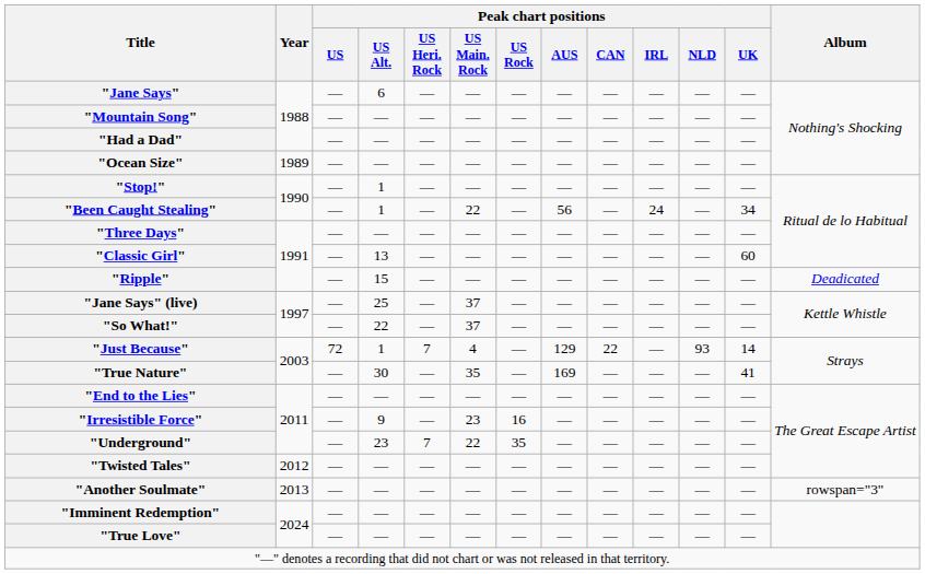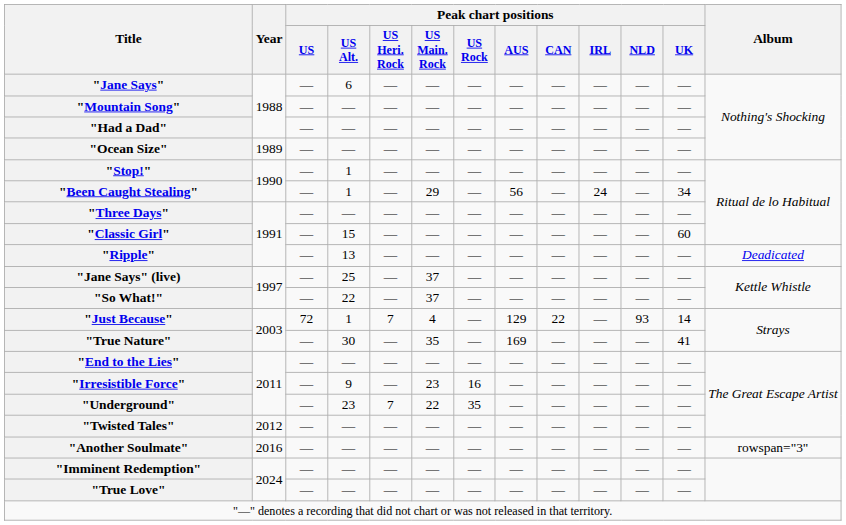 <table class="wikitable plainrowheaders" style="text-align:center;">
 <tr>
 <th scope="col" rowspan="2" style="width:18em;">Title</th>
 <th scope="col" rowspan="2">Year</th>
 <th scope="col" colspan="10">Peak chart positions</th>
 <th scope="col" rowspan="2">Album</th>
 </tr>
 <tr>
 <th scope="col" style="width:3em;font-size:90%;"><a href='#'>US</a><br></th>
 <th scope="col" style="width:3em;font-size:90%;"><a href='#'>US<br>Alt.</a><br></th>
 <th scope="col" style="width:3em;font-size:90%;"><a href='#'>US<br>Heri. Rock</a><br></th>
 <th scope="col" style="width:3em;font-size:90%;"><a href='#'>US<br>Main. Rock</a><br></th>
 <th scope="col" style="width:3em;font-size:90%;"><a href='#'>US<br>Rock</a><br></th>
 <th scope="col" style="width:3em;font-size:90%;"><a href='#'>AUS</a><br></th>
 <th scope="col" style="width:3em;font-size:90%;"><a href='#'>CAN</a><br></th>
 <th scope="col" style="width:3em;font-size:90%;"><a href='#'>IRL</a><br></th>
 <th scope="col" style="width:3em;font-size:90%;"><a href='#'>NLD</a><br></th>
 <th scope="col" style="width:3em;font-size:90%;"><a href='#'>UK</a><br></th>
 </tr>
 <tr>
 <th scope="row">"<a href='#'>Jane Says</a>"</th>
 <td rowspan="3">1988</td>
 <td>—</td>
 <td>6</td>
 <td>—</td>
 <td>—</td>
 <td>—</td>
 <td>—</td>
 <td>—</td>
 <td>—</td>
 <td>—</td>
 <td>—</td>
 <td rowspan="4"><em>Nothing's Shocking</em></td>
 </tr>
 <tr>
 <th scope="row">"<a href='#'>Mountain Song</a>"</th>
 <td>—</td>
 <td>—</td>
 <td>—</td>
 <td>—</td>
 <td>—</td>
 <td>—</td>
 <td>—</td>
 <td>—</td>
 <td>—</td>
 <td>—</td>
 </tr>
 <tr>
 <th scope="row">"Had a Dad"</th>
 <td>—</td>
 <td>—</td>
 <td>—</td>
 <td>—</td>
 <td>—</td>
 <td>—</td>
 <td>—</td>
 <td>—</td>
 <td>—</td>
 <td>—</td>
 </tr>
 <tr>
 <th scope="row">"Ocean Size"</th>
 <td>1989</td>
 <td>—</td>
 <td>—</td>
 <td>—</td>
 <td>—</td>
 <td>—</td>
 <td>—</td>
 <td>—</td>
 <td>—</td>
 <td>—</td>
 <td>—</td>
 </tr>
 <tr>
 <th scope="row">"<a href='#'>Stop!</a>"</th>
 <td rowspan="2">1990</td>
 <td>—</td>
 <td>1</td>
 <td>—</td>
 <td>—</td>
 <td>—</td>
 <td>—</td>
 <td>—</td>
 <td>—</td>
 <td>—</td>
 <td>—</td>
 <td rowspan="4"><em>Ritual de lo Habitual</em></td>
 </tr>
 <tr>
 <th scope="row">"<a href='#'>Been Caught Stealing</a>"</th>
 <td>—</td>
 <td>1</td>
 <td>—</td>
-<td>22</td>
+<td>29</td>
 <td>—</td>
 <td>56</td>
 <td>—</td>
 <td>24</td>
 <td>—</td>
 <td>34</td>
 </tr>
 <tr>
 <th scope="row">"<a href='#'>Three Days</a>"</th>
 <td rowspan="3">1991</td>
 <td>—</td>
 <td>—</td>
 <td>—</td>
 <td>—</td>
 <td>—</td>
 <td>—</td>
 <td>—</td>
 <td>—</td>
 <td>—</td>
 <td>—</td>
 </tr>
 <tr>
 <th scope="row">"<a href='#'>Classic Girl</a>"</th>
 <td>—</td>
-<td>13</td>
+<td>15</td>
 <td>—</td>
 <td>—</td>
 <td>—</td>
 <td>—</td>
 <td>—</td>
 <td>—</td>
 <td>—</td>
 <td>60</td>
 </tr>
 <tr>
 <th scope="row">"<a href='#'>Ripple</a>"</th>
 <td>—</td>
-<td>15</td>
+<td>13</td>
 <td>—</td>
 <td>—</td>
 <td>—</td>
 <td>—</td>
 <td>—</td>
 <td>—</td>
 <td>—</td>
 <td>—</td>
 <td><em><a href='#'>Deadicated</a></em></td>
 </tr>
 <tr>
 <th scope="row">"Jane Says" (live)</th>
 <td rowspan="2">1997</td>
 <td>—</td>
 <td>25</td>
 <td>—</td>
 <td>37</td>
 <td>—</td>
 <td>—</td>
 <td>—</td>
 <td>—</td>
 <td>—</td>
 <td>—</td>
 <td rowspan="2"><em>Kettle Whistle</em></td>
 </tr>
 <tr>
 <th scope="row">"So What!"</th>
 <td>—</td>
 <td>22</td>
 <td>—</td>
 <td>37</td>
 <td>—</td>
 <td>—</td>
 <td>—</td>
 <td>—</td>
 <td>—</td>
 <td>—</td>
 </tr>
 <tr>
 <th scope="row">"<a href='#'>Just Because</a>"</th>
 <td rowspan="2">2003</td>
 <td>72</td>
 <td>1</td>
 <td>7</td>
 <td>4</td>
 <td>—</td>
 <td>129</td>
 <td>22</td>
 <td>—</td>
 <td>93</td>
 <td>14</td>
 <td rowspan="2"><em>Strays</em></td>
 </tr>
 <tr>
 <th scope="row">"True Nature"</th>
 <td>—</td>
 <td>30</td>
 <td>—</td>
 <td>35</td>
 <td>—</td>
 <td>169</td>
 <td>—</td>
 <td>—</td>
 <td>—</td>
 <td>41</td>
 </tr>
 <tr>
 <th scope="row">"<a href='#'>End to the Lies</a>"</th>
 <td rowspan="3">2011</td>
 <td>—</td>
 <td>—</td>
 <td>—</td>
 <td>—</td>
 <td>—</td>
 <td>—</td>
 <td>—</td>
 <td>—</td>
 <td>—</td>
 <td>—</td>
 <td rowspan="4"><em>The Great Escape Artist</em></td>
 </tr>
 <tr>
 <th scope="row">"<a href='#'>Irresistible Force</a>"</th>
 <td>—</td>
 <td>9</td>
 <td>—</td>
 <td>23</td>
 <td>16</td>
 <td>—</td>
 <td>—</td>
 <td>—</td>
 <td>—</td>
 <td>—</td>
 </tr>
 <tr>
 <th scope="row">"Underground"</th>
 <td>—</td>
 <td>23</td>
 <td>7</td>
 <td>22</td>
 <td>35</td>
 <td>—</td>
 <td>—</td>
 <td>—</td>
 <td>—</td>
 <td>—</td>
 </tr>
 <tr>
 <th scope="row">"Twisted Tales"</th>
 <td>2012</td>
 <td>—</td>
 <td>—</td>
 <td>—</td>
 <td>—</td>
 <td>—</td>
 <td>—</td>
 <td>—</td>
 <td>—</td>
 <td>—</td>
 <td>—</td>
 </tr>
 <tr>
 <th scope="row">"Another Soulmate"</th>
-<td>2013</td>
+<td>2016</td>
 <td>—</td>
 <td>—</td>
 <td>—</td>
 <td>—</td>
 <td>—</td>
 <td>—</td>
 <td>—</td>
 <td>—</td>
 <td>—</td>
 <td>—</td>
 <td>rowspan="3" </td>
 </tr>
 <tr>
 <th scope="row">"Imminent Redemption"</th>
 <td rowspan="2">2024</td>
 <td>—</td>
 <td>—</td>
 <td>—</td>
 <td>—</td>
 <td>—</td>
 <td>—</td>
 <td>—</td>
 <td>—</td>
 <td>—</td>
 <td>—</td>
 </tr>
 <tr>
 <th scope="row">"True Love"</th>
 <td>—</td>
 <td>—</td>
 <td>—</td>
 <td>—</td>
 <td>—</td>
 <td>—</td>
 <td>—</td>
 <td>—</td>
 <td>—</td>
 <td>—</td>
 </tr>
 <tr>
 <td colspan="15" style="font-size:90%">"—" denotes a recording that did not chart or was not released in that territory.</td>
 </tr>
 </table>
